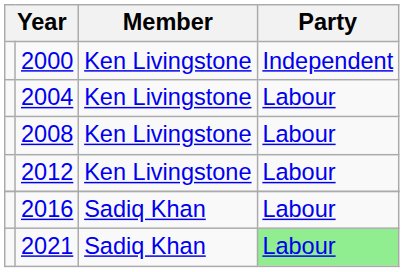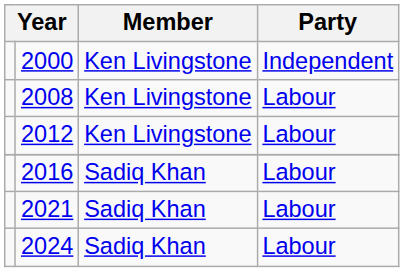 <table class="wikitable">
 <tr>
 <th colspan="2">Year</th>
 <th>Member</th>
 <th>Party</th>
 </tr>
 <tr>
 <td style="background-color: "></td>
 <td><a href='#'>2000</a></td>
 <td><a href='#'>Ken Livingstone</a></td>
 <td><a href='#'>Independent</a></td>
-</tr>
-<tr>
-<td style="background-color: "></td>
-<td><a href='#'>2004</a></td>
-<td><a href='#'>Ken Livingstone</a></td>
-<td><a href='#'>Labour</a></td>
 </tr>
 <tr>
 <td style="background-color: "></td>
 <td><a href='#'>2008</a></td>
 <td><a href='#'>Ken Livingstone</a></td>
 <td><a href='#'>Labour</a></td>
 </tr>
 <tr>
 <td style="background-color: "></td>
 <td><a href='#'>2012</a></td>
 <td><a href='#'>Ken Livingstone</a></td>
 <td><a href='#'>Labour</a></td>
 </tr>
 <tr>
 </tr>
 <tr>
 <td style="background-color: "></td>
 <td><a href='#'>2016</a></td>
 <td><a href='#'>Sadiq Khan</a></td>
 <td><a href='#'>Labour</a></td>
 </tr>
 <tr>
 <td style="background-color: "></td>
 <td><a href='#'>2021</a></td>
 <td><a href='#'>Sadiq Khan</a></td>
-<td style="background: lightgreen;"><a href='#'>Labour</a></td>
+<td><a href='#'>Labour</a></td>
+</tr>
+<tr>
+<td style="background-color: "></td>
+<td><a href='#'>2024</a></td>
+<td><a href='#'>Sadiq Khan</a></td>
+<td><a href='#'>Labour</a></td>
 </tr>
 </table>
